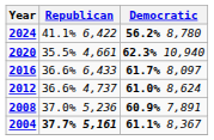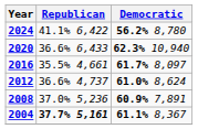 <table class="wikitable" style="float:right; margin: 1em 1em 1em 0; font-size: 95%;">
 <tr>
 <th>Year</th>
 <th><a href='#'>Republican</a></th>
 <th><a href='#'>Democratic</a></th>
 </tr>
 <tr>
 <td style="text-align:center; "><strong><a href='#'>2024</a></strong></td>
 <td style="text-align:center; ">41.1% <em>6,422</em></td>
 <td style="text-align:center; "><strong>56.2%</strong> <em>8,780</em></td>
 </tr>
 <tr>
 <td style="text-align:center; "><strong><a href='#'>2020</a></strong></td>
-<td style="text-align:center; ">35.5% <em>4,661</em></td>
+<td style="text-align:center; ">36.6% <em>6,433</em></td>
 <td style="text-align:center; "><strong>62.3%</strong>  <em>10,940</em></td>
 </tr>
 <tr>
 <td style="text-align:center; "><strong><a href='#'>2016</a></strong></td>
-<td style="text-align:center; ">36.6% <em>6,433</em></td>
+<td style="text-align:center; ">35.5% <em>4,661</em></td>
 <td style="text-align:center; "><strong>61.7%</strong>  <em>8,097</em></td>
 </tr>
 <tr>
 <td style="text-align:center; "><strong><a href='#'>2012</a></strong></td>
 <td style="text-align:center; ">36.6% <em>4,737</em></td>
 <td style="text-align:center; "><strong>61.0%</strong>  <em>8,624</em></td>
 </tr>
 <tr>
 <td style="text-align:center; "><strong><a href='#'>2008</a></strong></td>
 <td style="text-align:center; ">37.0% <em>5,236</em></td>
 <td style="text-align:center; "><strong>60.9%</strong>  <em>7,891</em></td>
 </tr>
 <tr>
 <td style="text-align:center; "><strong><a href='#'>2004</a></strong></td>
 <td style="text-align:center; "><strong>37.7% <em>5,161</em></strong></td>
 <td style="text-align:center; "><strong>61.1%</strong> <em>8,367</em></td>
 </tr>
 <tr>
 </tr>
 </table>
